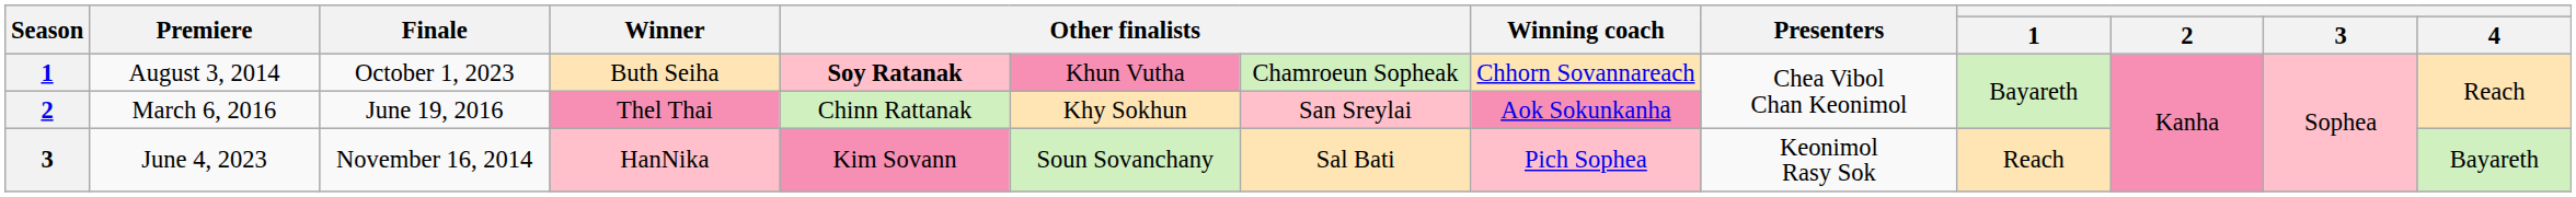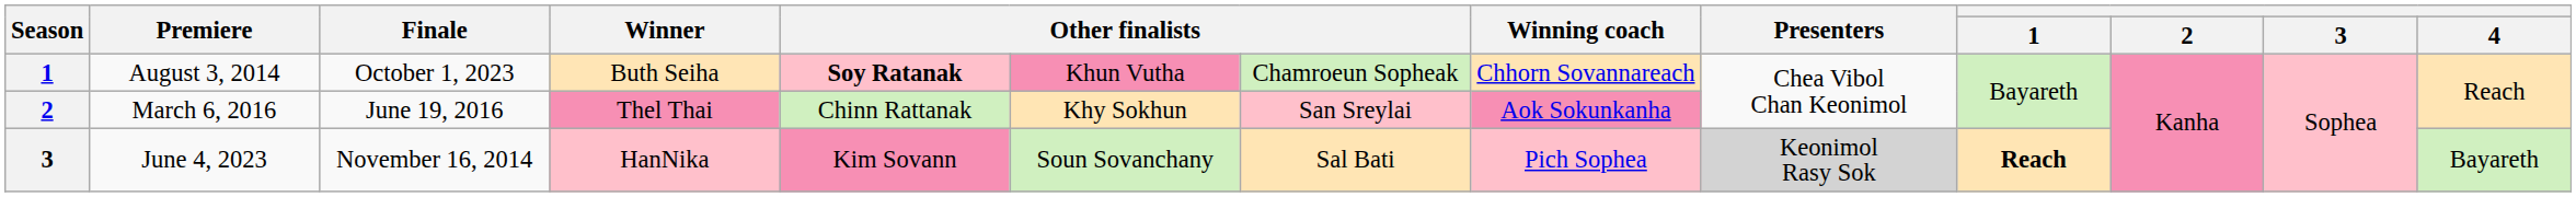 <table class="wikitable" style="text-align:center; font-size:95%; line-height:16px;" width="100%">
 <tr>
 <th rowspan="2" scope="col" width="01%">Season</th>
 <th rowspan="2" scope="col" width="09%">Premiere</th>
 <th rowspan="2" scope="col" width="09%">Finale</th>
 <th rowspan="2" scope="col" width="09%">Winner</th>
 <th colspan=3 rowspan="2" scope="col" width="27%">Other finalists</th>
 <th rowspan="2" scope="col" width="09%">Winning coach</th>
 <th rowspan="2" scope="col" width="10%">Presenters</th>
 <th colspan="4" scope="col" width="24%"></th>
 </tr>
 <tr>
 <th width="06%">1</th>
 <th width="06%">2</th>
 <th width="06%">3</th>
 <th width="06%">4</th>
 </tr>
 <tr>
 <th scope="row"><a href='#'>1</a></th>
 <td>August 3, 2014</td>
 <td>October 1, 2023</td>
 <td style="background:#ffe5b5;">Buth Seiha</td>
 <td width="9%" style="background:pink;"><strong>Soy Ratanak</strong></td>
 <td width="9%" style="background:#f78fb4;">Khun Vutha</td>
 <td width="9%" style="background:#d0f0c0;">Chamroeun Sopheak</td>
 <td style="background:#ffe5b4;"><a href='#'>Chhorn Sovannareach</a></td>
 <td rowspan="2">Chea Vibol<br>Chan Keonimol</td>
 <td rowspan="2" style="background:#d0f0c0;">Bayareth</td>
 <td rowspan="3" style="background:#f78fb4;">Kanha</td>
 <td rowspan="3" style="background:pink">Sophea</td>
 <td rowspan="2" style="background:#ffe5b4;">Reach</td>
 </tr>
 <tr>
 <th><a href='#'>2</a></th>
 <td>March 6, 2016</td>
 <td>June 19, 2016</td>
 <td style="background:#f78fb4;">Thel Thai</td>
 <td style="background:#d0f0c0;">Chinn Rattanak</td>
 <td style="background:#ffe5b4;">Khy Sokhun</td>
 <td style="background:pink;">San Sreylai</td>
 <td style="background:#f78fb4;"><a href='#'>Aok Sokunkanha</a></td>
 </tr>
 <tr>
 <th>3</th>
 <td>June 4, 2023</td>
 <td>November 16, 2014</td>
 <td style="background:pink;"> HanNika</td>
 <td style="background:#f78fb4;">Kim Sovann</td>
 <td style="background:#d0f0c0;">Soun Sovanchany</td>
 <td style="background:#ffe5b4;">Sal Bati</td>
 <td style="background:pink;"><a href='#'>Pich Sophea</a></td>
-<td>Keonimol<br>Rasy Sok</td>
-<td style="background:#ffe5b4;">Reach</td>
+<td style="background: lightgrey;">Keonimol<br>Rasy Sok</td>
+<td style="background:#ffe5b4;"><strong>Reach</strong></td>
 <td style="background:#d0f0c0;">Bayareth</td>
 </tr>
 </table>
